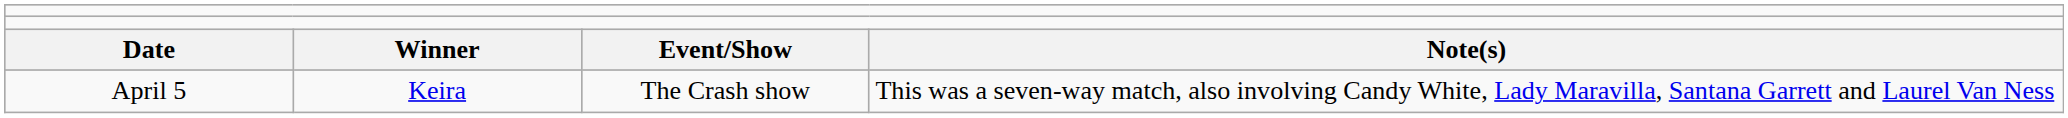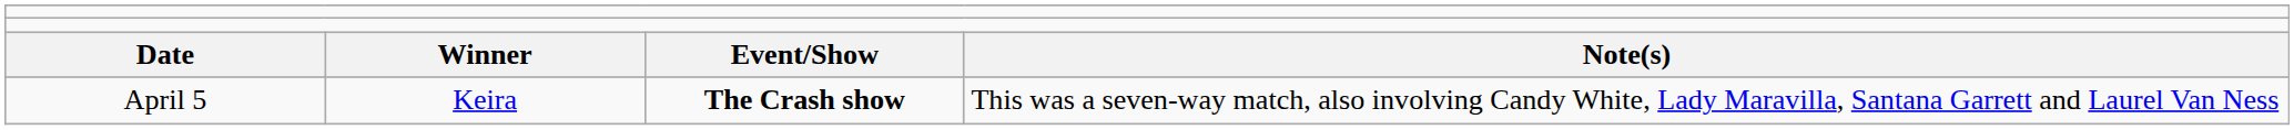 <table class="wikitable" style="text-align:center; width:100%;">
 <tr>
 <td colspan="5"></td>
 </tr>
 <tr>
 <td colspan="5"><strong></strong></td>
 </tr>
 <tr>
 <th width=14%>Date</th>
 <th width=14%>Winner</th>
 <th width=14%>Event/Show</th>
 <th width=58%>Note(s)</th>
 </tr>
 <tr>
 <td>April 5</td>
 <td><a href='#'>Keira</a></td>
-<td>The Crash show</td>
+<td><strong>The Crash show</strong></td>
 <td align=left>This was a seven-way match, also involving Candy White, <a href='#'>Lady Maravilla</a>, <a href='#'>Santana Garrett</a> and <a href='#'>Laurel Van Ness</a></td>
 </tr>
 </table>
